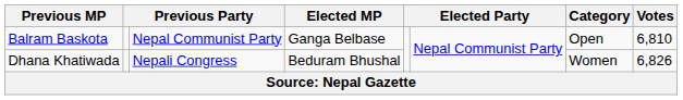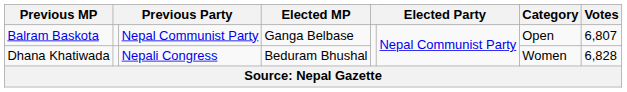 <table class="wikitable">
 <tr>
 <th>Previous MP</th>
 <th colspan="2">Previous Party</th>
 <th>Elected MP</th>
 <th colspan="2">Elected Party</th>
 <th>Category</th>
 <th>Votes</th>
 </tr>
 <tr>
 <td><a href='#'>Balram Baskota</a></td>
 <td></td>
 <td><a href='#'>Nepal Communist Party</a></td>
 <td>Ganga Belbase</td>
 <td rowspan="2"></td>
 <td rowspan="2"><a href='#'>Nepal Communist Party</a></td>
 <td>Open</td>
-<td>6,810</td>
+<td>6,807</td>
 </tr>
 <tr>
 <td>Dhana Khatiwada</td>
 <td></td>
 <td><a href='#'>Nepali Congress</a></td>
 <td>Beduram Bhushal</td>
 <td>Women</td>
-<td>6,826</td>
+<td>6,828</td>
 </tr>
 <tr>
 <th colspan="8">Source: Nepal Gazette</th>
 </tr>
 </table>
